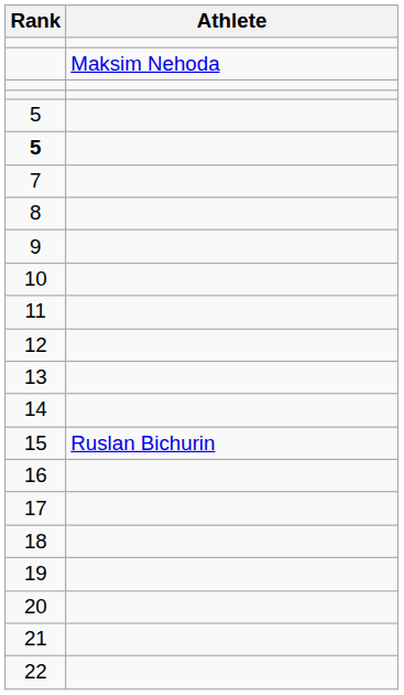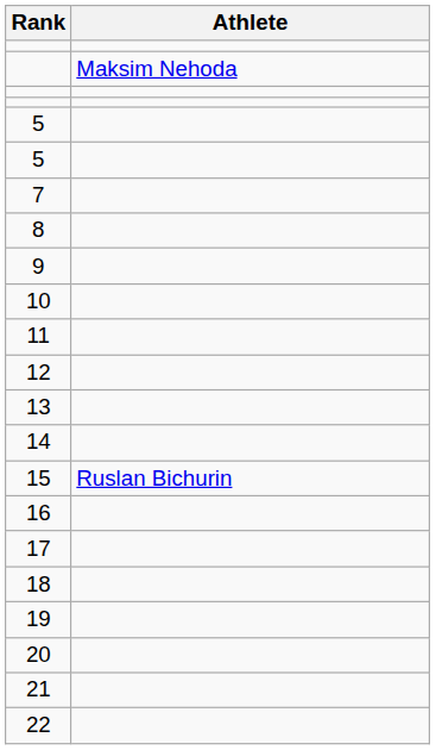 <table class="wikitable" style="text-align: center;">
 <tr>
 <th width=40>Rank</th>
 <th width=250>Athlete</th>
 </tr>
 <tr>
 <td></td>
 <td align="left"></td>
 </tr>
 <tr>
 <td></td>
 <td align="left"> <a href='#'>Maksim Nehoda</a> </td>
 </tr>
 <tr>
 <td></td>
 <td align="left"></td>
 </tr>
 <tr>
 <td></td>
 <td align="left"></td>
 </tr>
 <tr>
 <td>5</td>
 <td align="left"></td>
 </tr>
 <tr>
-<td><strong>5</strong></td>
+<td>5</td>
 <td align="left"></td>
 </tr>
 <tr>
 <td>7</td>
 <td align="left"></td>
 </tr>
 <tr>
 <td>8</td>
 <td align="left"></td>
 </tr>
 <tr>
 <td>9</td>
 <td align="left"></td>
 </tr>
 <tr>
 <td>10</td>
 <td align="left"></td>
 </tr>
 <tr>
 <td>11</td>
 <td align="left"></td>
 </tr>
 <tr>
 <td>12</td>
 <td align="left"></td>
 </tr>
 <tr>
 <td>13</td>
 <td align="left"></td>
 </tr>
 <tr>
 <td>14</td>
 <td align="left"></td>
 </tr>
 <tr>
 <td>15</td>
 <td align="left"> <a href='#'>Ruslan Bichurin</a> </td>
 </tr>
 <tr>
 <td>16</td>
 <td align="left"></td>
 </tr>
 <tr>
 <td>17</td>
 <td align="left"></td>
 </tr>
 <tr>
 <td>18</td>
 <td align="left"></td>
 </tr>
 <tr>
 <td>19</td>
 <td align="left"></td>
 </tr>
 <tr>
 <td>20</td>
 <td align="left"></td>
 </tr>
 <tr>
 <td>21</td>
 <td align="left"></td>
 </tr>
 <tr>
 <td>22</td>
 <td align="left"></td>
 </tr>
 </table>
